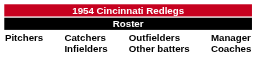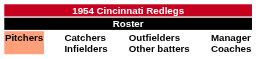 <table class="toccolours" style="font-size: 95%;">
 <tr>
 <th colspan="10" style="background-color: #c6011f; color: white; text-align: center;">1954 Cincinnati Redlegs</th>
 </tr>
 <tr>
 <td colspan="10" style="background-color: black; color: white; text-align: center;"><strong>Roster</strong></td>
 </tr>
 <tr>
-<td valign="top"><strong>Pitchers</strong><br>                 </td>
+<td valign="top" style="background: lightsalmon;"><strong>Pitchers</strong><br>                 </td>
 <td width="25px"></td>
 <td valign="top"><strong>Catchers</strong><br>   <strong>Infielders</strong>      </td>
 <td width="25px"></td>
 <td valign="top"><strong>Outfielders</strong><br>       <strong>Other batters</strong>    </td>
 <td width="25px"></td>
 <td valign="top"><strong>Manager</strong><br> <strong>Coaches</strong>  </td>
 </tr>
 </table>
